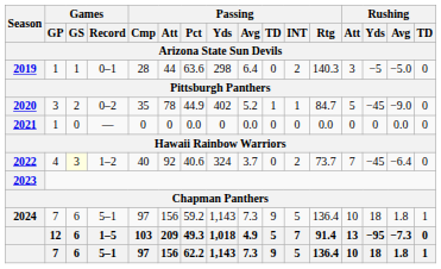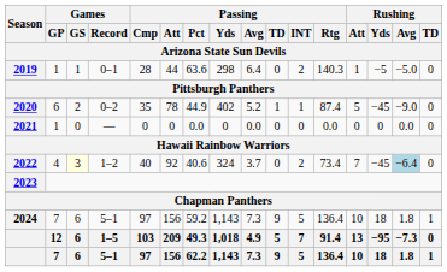 <table class="wikitable" style="text-align:center;">
 <tr>
 <th rowspan="2">Season</th>
 <th colspan="3">Games</th>
 <th colspan="8">Passing</th>
 <th colspan="4">Rushing</th>
 </tr>
 <tr>
 <th>GP</th>
 <th>GS</th>
 <th>Record</th>
 <th>Cmp</th>
 <th>Att</th>
 <th>Pct</th>
 <th>Yds</th>
 <th>Avg</th>
 <th>TD</th>
 <th>INT</th>
 <th>Rtg</th>
 <th>Att</th>
 <th>Yds</th>
 <th>Avg</th>
 <th>TD</th>
 </tr>
 <tr>
 <th colspan="16">Arizona State Sun Devils</th>
 </tr>
 <tr>
 <th><a href='#'>2019</a></th>
 <td>1</td>
 <td>1</td>
 <td>0–1</td>
 <td>28</td>
 <td>44</td>
 <td>63.6</td>
 <td>298</td>
 <td>6.4</td>
 <td>0</td>
 <td>2</td>
 <td>140.3</td>
-<td>3</td>
+<td>1</td>
 <td>−5</td>
 <td>−5.0</td>
 <td>0</td>
 </tr>
 <tr>
 <th colspan="16">Pittsburgh Panthers</th>
 </tr>
 <tr>
 <th><a href='#'>2020</a></th>
-<td>3</td>
+<td>6</td>
 <td>2</td>
 <td>0–2</td>
 <td>35</td>
 <td>78</td>
 <td>44.9</td>
 <td>402</td>
 <td>5.2</td>
 <td>1</td>
 <td>1</td>
-<td>84.7</td>
+<td>87.4</td>
 <td>5</td>
 <td>−45</td>
 <td>−9.0</td>
 <td>0</td>
 </tr>
 <tr>
 <th><a href='#'>2021</a></th>
 <td>1</td>
 <td>0</td>
 <td>—</td>
 <td>0</td>
 <td>0</td>
 <td>0.0</td>
 <td>0</td>
 <td>0.0</td>
 <td>0</td>
 <td>0</td>
 <td>0.0</td>
 <td>0</td>
 <td>0</td>
 <td>0.0</td>
 <td>0</td>
 </tr>
 <tr>
 <th colspan="16">Hawaii Rainbow Warriors</th>
 </tr>
 <tr>
 <th><a href='#'>2022</a></th>
 <td>4</td>
 <td style="background: lightyellow;">3</td>
 <td>1–2</td>
 <td>40</td>
 <td>92</td>
 <td>40.6</td>
 <td>324</td>
 <td>3.7</td>
 <td>0</td>
 <td>2</td>
-<td>73.7</td>
+<td>73.4</td>
 <td>7</td>
 <td>−45</td>
-<td>−6.4</td>
+<td style="background: lightblue;">−6.4</td>
 <td>0</td>
 </tr>
 <tr>
 <th><a href='#'>2023</a></th>
 <td colspan="15"></td>
 </tr>
 <tr>
 <th colspan="16">Chapman Panthers</th>
 </tr>
 <tr>
 <th>2024</th>
 <td>7</td>
 <td>6</td>
 <td>5–1</td>
 <td>97</td>
 <td>156</td>
 <td>59.2</td>
 <td>1,143</td>
 <td>7.3</td>
 <td>9</td>
 <td>5</td>
 <td>136.4</td>
 <td>10</td>
 <td>18</td>
 <td>1.8</td>
 <td>1</td>
 </tr>
 <tr>
 <th></th>
 <th>12</th>
 <th>6</th>
 <th>1–5</th>
 <th>103</th>
 <th>209</th>
 <th>49.3</th>
 <th>1,018</th>
 <th>4.9</th>
 <th>5</th>
 <th>7</th>
 <th>91.4</th>
 <th>13</th>
 <th>−95</th>
 <th>−7.3</th>
 <th>0</th>
 </tr>
 <tr>
 <th></th>
 <th>7</th>
 <th>6</th>
 <th>5–1</th>
 <th>97</th>
 <th>156</th>
 <th>62.2</th>
 <th>1,143</th>
 <th>7.3</th>
 <th>9</th>
 <th>5</th>
 <th>136.4</th>
 <th>10</th>
 <th>18</th>
 <th>1.8</th>
 <th>1</th>
 </tr>
 </table>
